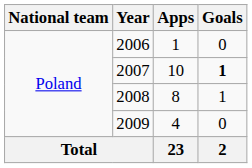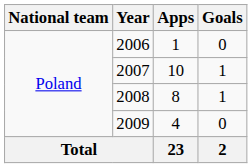 <table class="wikitable" style="text-align:center">
 <tr>
 <th>National team</th>
 <th>Year</th>
 <th>Apps</th>
 <th>Goals</th>
 </tr>
 <tr>
 <td rowspan="4"><a href='#'>Poland</a></td>
 <td>2006</td>
 <td>1</td>
 <td>0</td>
 </tr>
 <tr>
 <td>2007</td>
 <td>10</td>
-<td><strong>1</strong></td>
+<td>1</td>
 </tr>
 <tr>
 <td>2008</td>
 <td>8</td>
 <td>1</td>
 </tr>
 <tr>
 <td>2009</td>
 <td>4</td>
 <td>0</td>
 </tr>
 <tr>
 <th colspan="2">Total</th>
 <th>23</th>
 <th>2</th>
 </tr>
 </table>
